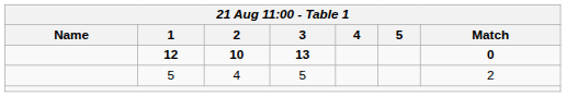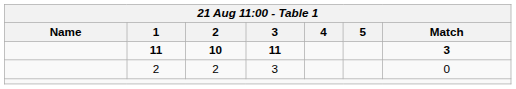 <table class=wikitable style="text-align:center; width: 55%">
 <tr>
 <th colspan=17><em>21 Aug 11:00 - Table 1</em></th>
 </tr>
 <tr>
 <th>Name</th>
 <th>1</th>
 <th>2</th>
 <th>3</th>
 <th>4</th>
 <th>5</th>
 <th>Match</th>
 </tr>
 <tr>
 <td style="text-align:left;"><strong></strong></td>
-<td><strong>12</strong></td>
+<td><strong>11</strong></td>
 <td><strong>10</strong></td>
-<td><strong>13</strong></td>
+<td><strong>11</strong></td>
 <td></td>
 <td></td>
-<td><strong>0</strong></td>
+<td><strong>3</strong></td>
 </tr>
 <tr>
 <td style="text-align:left;"></td>
-<td>5</td>
-<td>4</td>
-<td>5</td>
+<td>2</td>
+<td>2</td>
+<td>3</td>
 <td></td>
 <td></td>
-<td>2</td>
+<td>0</td>
 </tr>
 <tr>
 <td colspan=17></td>
 </tr>
 </table>
